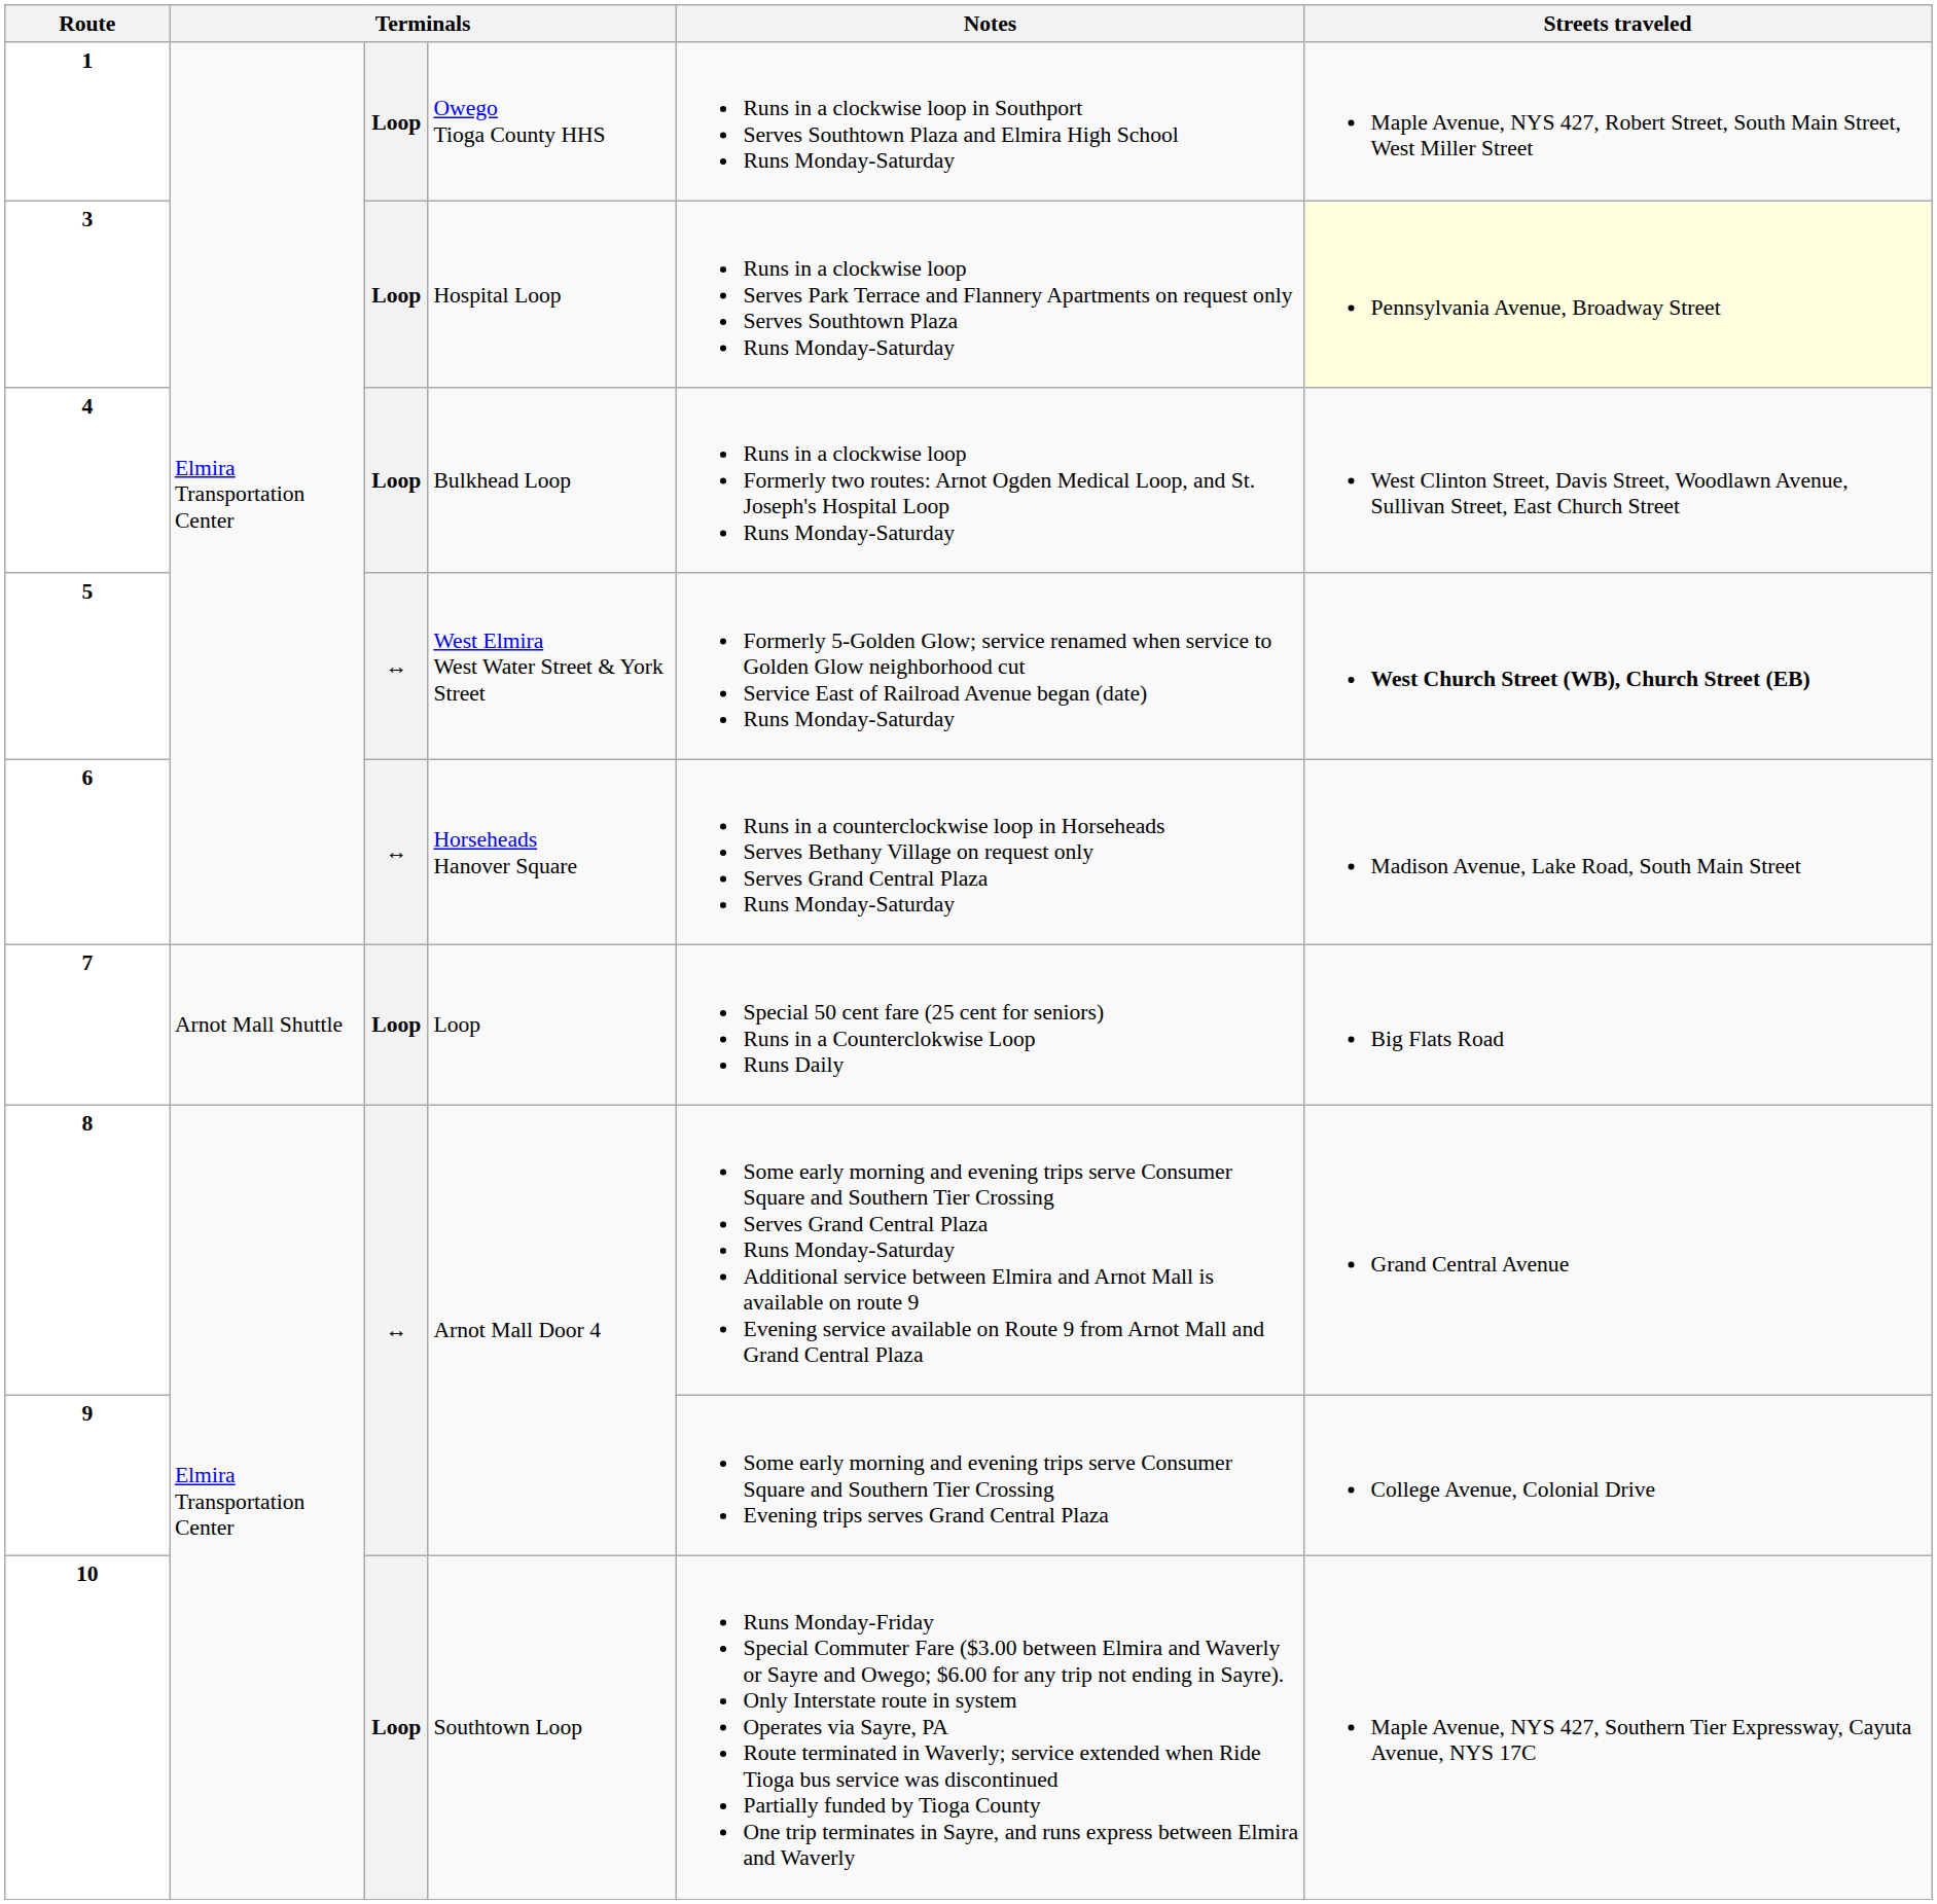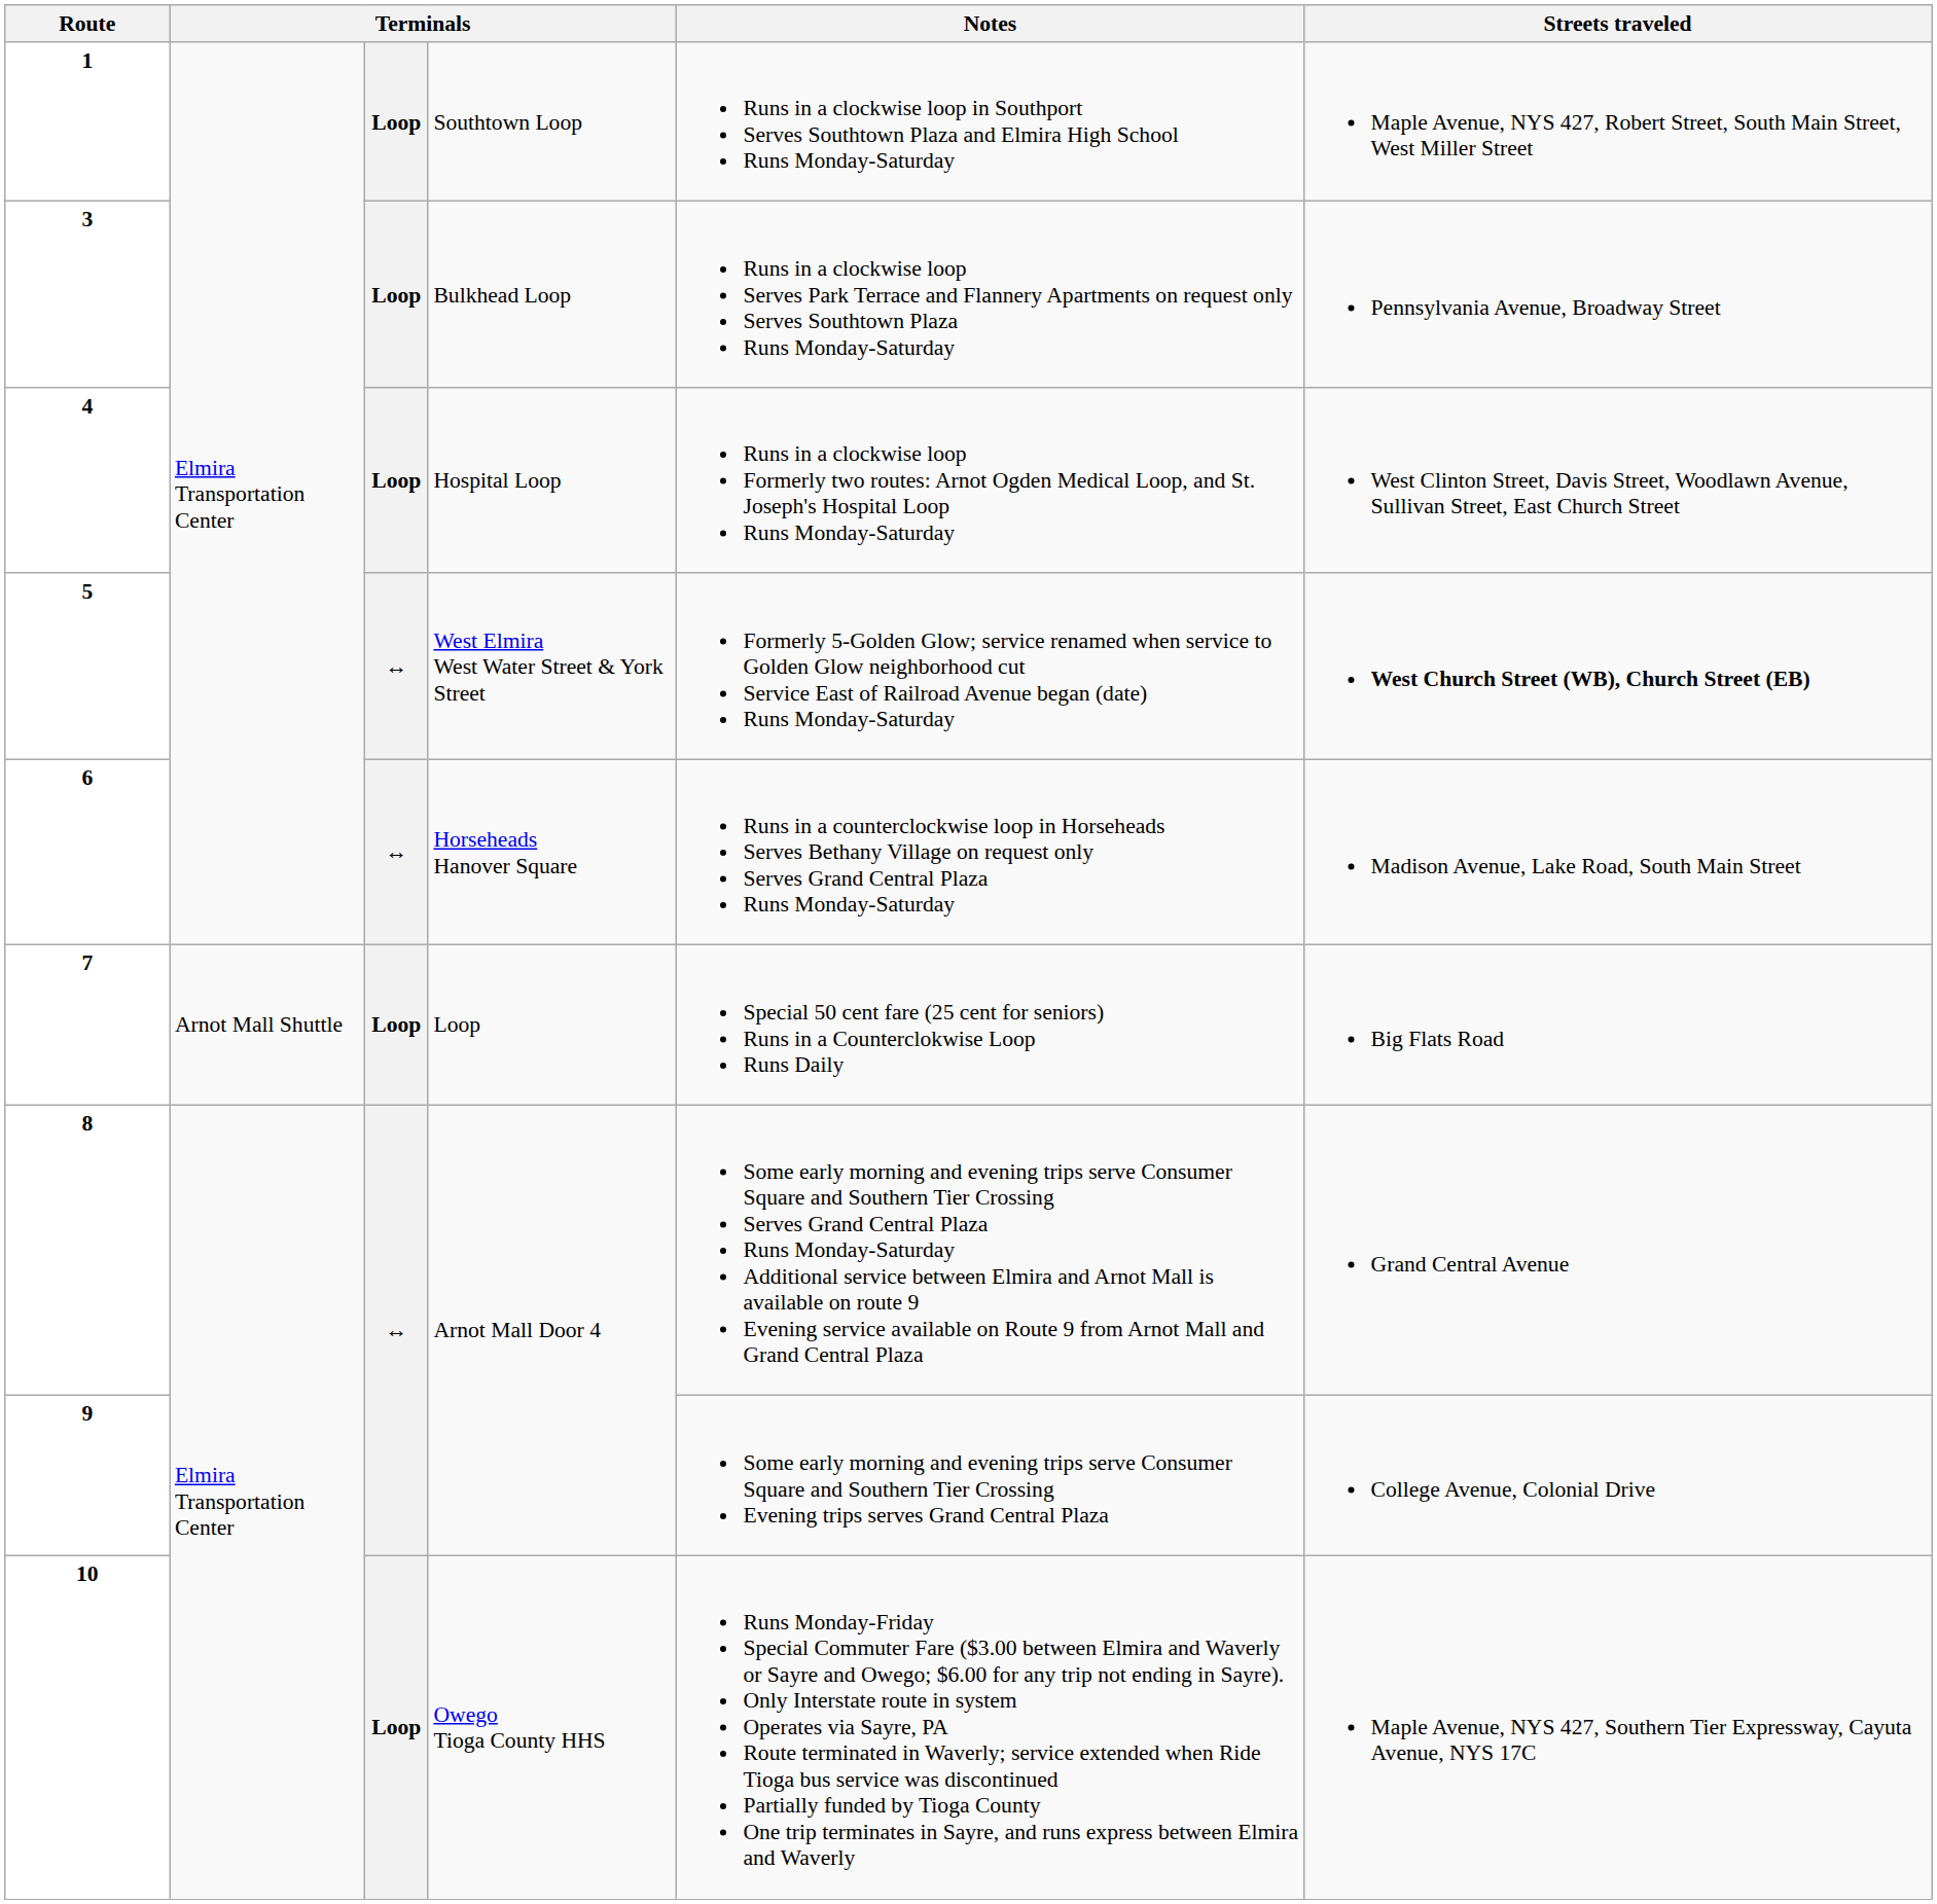 <table class=wikitable style="font-size: 90%;|">
 <tr>
 <th width ="100px">Route</th>
 <th colspan=3 : width ="400px">Terminals</th>
 <th width="400px">Notes</th>
 <th width="400px">Streets traveled</th>
 </tr>
 <tr>
 <td style="background:white; color:black" align="center" valign=top><div><strong>1</strong></div></td>
 <td rowspan=5><a href='#'>Elmira</a><br> Transportation Center</td>
 <th><span>Loop</span></th>
-<td><a href='#'>Owego</a><br> Tioga County HHS</td>
+<td>Southtown Loop</td>
 <td><br><ul><li>Runs in a clockwise loop in Southport</li><li>Serves Southtown Plaza and Elmira High School</li><li>Runs Monday-Saturday</li></ul></td>
 <td><br><ul><li>Maple Avenue, NYS 427, Robert Street, South Main Street, West Miller Street</li></ul></td>
 </tr>
 <tr>
 <td style="background:white; color:black" align="center" valign=top><div><strong>3</strong></div></td>
 <th><span>Loop</span></th>
-<td>Hospital Loop</td>
+<td>Bulkhead Loop</td>
 <td><br><ul><li>Runs in a clockwise loop</li><li>Serves Park Terrace and Flannery Apartments on request only</li><li>Serves Southtown Plaza</li><li>Runs Monday-Saturday</li></ul></td>
-<td style="background: lightyellow;"><br><ul><li>Pennsylvania Avenue, Broadway Street</li></ul></td>
+<td><br><ul><li>Pennsylvania Avenue, Broadway Street</li></ul></td>
 </tr>
 <tr>
 <td style="background:white; color:black" align="center" valign=top><div><strong>4</strong></div></td>
 <th><span>Loop</span></th>
-<td>Bulkhead Loop</td>
+<td>Hospital Loop</td>
 <td><br><ul><li>Runs in a clockwise loop</li><li>Formerly two routes: Arnot Ogden Medical Loop, and St. Joseph's Hospital Loop</li><li>Runs Monday-Saturday</li></ul></td>
 <td><br><ul><li>West Clinton Street, Davis Street, Woodlawn Avenue, Sullivan Street, East Church Street</li></ul></td>
 </tr>
 <tr>
 <td style="background:white; color:black" align="center" valign=top><div><strong>5</strong></div></td>
 <th><span>↔</span></th>
 <td><a href='#'>West Elmira</a> <br> West Water Street & York Street</td>
 <td><br><ul><li>Formerly 5-Golden Glow; service renamed when service to Golden Glow neighborhood cut</li><li>Service East of Railroad Avenue began (date)</li><li>Runs Monday-Saturday</li></ul></td>
 <td><strong><br><ul><li>West Church Street (WB), Church Street (EB)</li></ul></strong></td>
 </tr>
 <tr>
 <td style="background:white; color:black" align="center" valign=top><div><strong>6</strong></div></td>
 <th><span>↔</span></th>
 <td><a href='#'>Horseheads</a><br>Hanover Square</td>
 <td><br><ul><li>Runs in a counterclockwise loop in Horseheads</li><li>Serves Bethany Village on request only</li><li>Serves Grand Central Plaza</li><li>Runs Monday-Saturday</li></ul></td>
 <td><br><ul><li>Madison Avenue, Lake Road, South Main Street</li></ul></td>
 </tr>
 <tr>
 <td style="background:white; color:black" align="center" valign=top><div><strong>7</strong></div></td>
 <td>Arnot Mall Shuttle</td>
 <th><span>Loop</span></th>
 <td>Loop</td>
 <td><br><ul><li>Special 50 cent fare (25 cent for seniors)</li><li>Runs in a Counterclokwise Loop</li><li>Runs Daily</li></ul></td>
 <td><br><ul><li>Big Flats Road</li></ul></td>
 </tr>
 <tr>
 <td style="background:white; color:black" align="center" valign=top><div><strong>8</strong></div></td>
 <td rowspan=3><a href='#'>Elmira</a><br> Transportation Center</td>
 <th rowspan=2><span>↔</span></th>
 <td rowspan=2>Arnot Mall Door 4</td>
 <td><br><ul><li>Some early morning and evening trips serve Consumer Square and Southern Tier Crossing</li><li>Serves Grand Central Plaza</li><li>Runs Monday-Saturday</li><li>Additional service between Elmira and Arnot Mall is available on route 9</li><li>Evening service available on Route 9 from Arnot Mall and Grand Central Plaza</li></ul></td>
 <td><br><ul><li>Grand Central Avenue</li></ul></td>
 </tr>
 <tr>
 <td style="background:white; color:black" align="center" valign=top><div><strong>9</strong></div></td>
 <td><br><ul><li>Some early morning and evening trips serve Consumer Square and Southern Tier Crossing</li><li>Evening trips serves Grand Central Plaza</li></ul></td>
 <td><br><ul><li>College Avenue, Colonial Drive</li></ul></td>
 </tr>
 <tr>
 <td style="background:white; color:black" align="center" valign=top><div><strong>10</strong></div></td>
 <th><span>Loop</span></th>
-<td>Southtown Loop</td>
+<td><a href='#'>Owego</a><br> Tioga County HHS</td>
 <td><br><ul><li>Runs Monday-Friday</li><li>Special Commuter Fare ($3.00 between Elmira and Waverly or Sayre and Owego; $6.00 for any trip not ending in Sayre).</li><li>Only Interstate route in system</li><li>Operates via Sayre, PA</li><li>Route terminated in Waverly; service extended when Ride Tioga bus service was discontinued</li><li>Partially funded by Tioga County</li><li>One trip terminates in Sayre, and runs express between Elmira and Waverly</li></ul></td>
 <td><br><ul><li>Maple Avenue, NYS 427, Southern Tier Expressway, Cayuta Avenue, NYS 17C</li></ul></td>
 </tr>
 <tr>
 </tr>
 </table>
